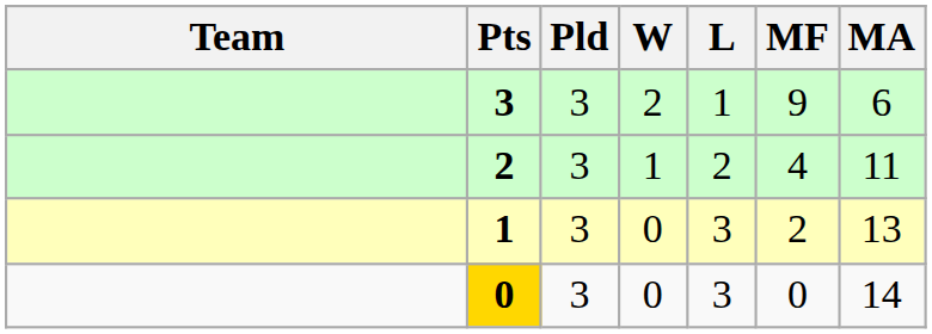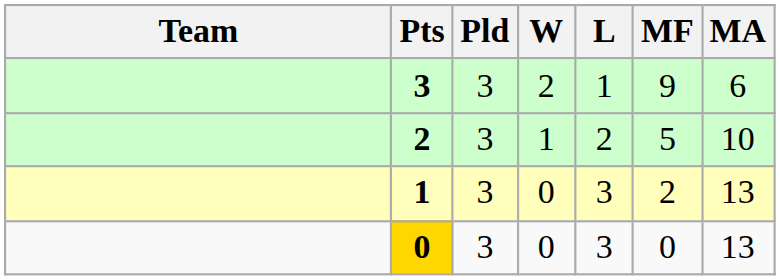 <table class=wikitable style="text-align:center">
 <tr>
 <th width=175>Team</th>
 <th width=20>Pts</th>
 <th width=20>Pld</th>
 <th width=20>W</th>
 <th width=20>L</th>
 <th width=20>MF</th>
 <th width=20>MA</th>
 </tr>
 <tr bgcolor=#ccffcc>
 <td style="text-align:left"></td>
 <td><strong>3</strong></td>
 <td>3</td>
 <td>2</td>
 <td>1</td>
 <td>9</td>
 <td>6</td>
 </tr>
 <tr bgcolor=#ccffcc>
 <td style="text-align:left"></td>
 <td><strong>2</strong></td>
 <td>3</td>
 <td>1</td>
 <td>2</td>
-<td>4</td>
-<td>11</td>
+<td>5</td>
+<td>10</td>
 </tr>
 <tr bgcolor=#ffffbb>
 <td style="text-align:left"></td>
 <td><strong>1</strong></td>
 <td>3</td>
 <td>0</td>
 <td>3</td>
 <td>2</td>
 <td>13</td>
 </tr>
 <tr>
 <td style="text-align:left"></td>
 <td style="background: gold;"><strong>0</strong></td>
 <td>3</td>
 <td>0</td>
 <td>3</td>
 <td>0</td>
-<td>14</td>
+<td>13</td>
 </tr>
 </table>
